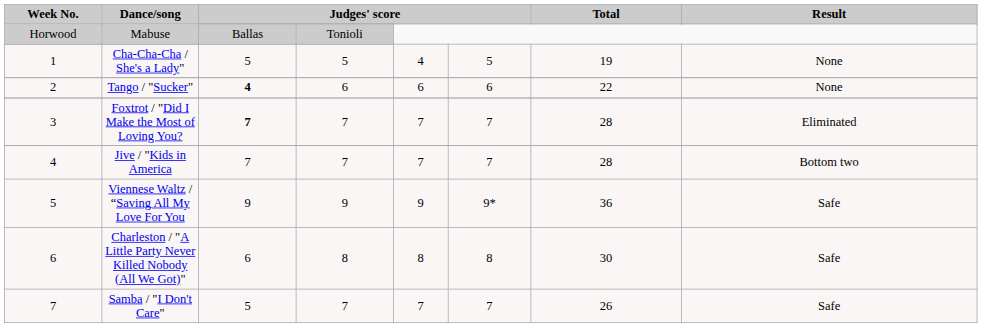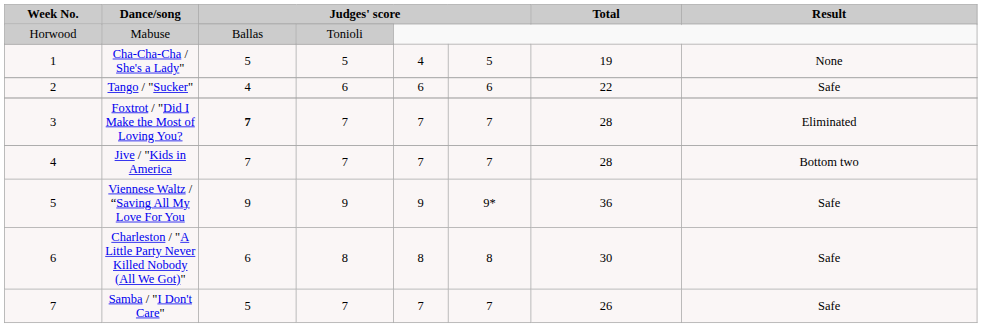 <table | class="wikitable collapsible collapsed">
 <tr>
 <td rowspan="2" bgcolor="CCCCCC" align="Center"><strong>Week No.</strong></td>
 <td rowspan="2" bgcolor="CCCCCC" align="Center"><strong>Dance/song</strong></td>
 <td colspan="4" bgcolor="CCCCCC" align="Center"><strong>Judges' score</strong></td>
 <td rowspan="2" bgcolor="CCCCCC" align="Center"><strong>Total</strong></td>
 <td rowspan="2" bgcolor="CCCCCC" align="Center"><strong>Result</strong></td>
 </tr>
 <tr>
 </tr>
 <tr>
 <td bgcolor="CCCCCC" width="10%" align="center">Horwood</td>
 <td bgcolor="CCCCCC" width="10%" align="center">Mabuse</td>
 <td bgcolor="CCCCCC" width="10%" align="center">Ballas</td>
 <td bgcolor="CCCCCC" width="10%" align="center">Tonioli</td>
 </tr>
 <tr>
 </tr>
 <tr>
 <td align="center" bgcolor="FAF6F6">1</td>
 <td align="center" bgcolor="FAF6F6"><a href='#'>Cha-Cha-Cha</a> / <a href='#'>She's a Lady</a>"</td>
 <td align="center" bgcolor="FAF6F6">5</td>
 <td align="center" bgcolor="FAF6F6">5</td>
 <td align="center" bgcolor="FAF6F6">4</td>
 <td align="center" bgcolor="FAF6F6">5</td>
 <td align="center" bgcolor="FAF6F6">19</td>
 <td align="center" bgcolor="FAF6F6">None</td>
 </tr>
 <tr>
 </tr>
 <tr>
 <td align="center" bgcolor="FAF6F6">2</td>
 <td align="center" bgcolor="FAF6F6"><a href='#'>Tango</a> / "<a href='#'>Sucker</a>"</td>
-<td align="center" bgcolor="FAF6F6"><strong>4</strong></td>
+<td align="center" bgcolor="FAF6F6">4</td>
 <td align="center" bgcolor="FAF6F6">6</td>
 <td align="center" bgcolor="FAF6F6">6</td>
 <td align="center" bgcolor="FAF6F6">6</td>
 <td align="center" bgcolor="FAF6F6">22</td>
-<td align="center" bgcolor="FAF6F6">None</td>
+<td align="center" bgcolor="FAF6F6">Safe</td>
 </tr>
 <tr>
 </tr>
 <tr>
 <td align="center" bgcolor="FAF6F6">3</td>
 <td align="center" bgcolor="FAF6F6"><a href='#'>Foxtrot</a> / "<a href='#'>Did I Make the Most of Loving You?</a></td>
 <td align="center" bgcolor="FAF6F6"><strong>7</strong></td>
 <td align="center" bgcolor="FAF6F6">7</td>
 <td align="center" bgcolor="FAF6F6">7</td>
 <td align="center" bgcolor="FAF6F6">7</td>
 <td align="center" bgcolor="FAF6F6">28</td>
 <td align="center" bgcolor="FAF6F6">Eliminated</td>
 </tr>
 <tr>
 </tr>
 <tr>
 <td align="center" bgcolor="FAF6F6">4</td>
 <td align="center" bgcolor="FAF6F6"><a href='#'>Jive</a> / "<a href='#'>Kids in America</a></td>
 <td align="center" bgcolor="FAF6F6">7</td>
 <td align="center" bgcolor="FAF6F6">7</td>
 <td align="center" bgcolor="FAF6F6">7</td>
 <td align="center" bgcolor="FAF6F6">7</td>
 <td align="center" bgcolor="FAF6F6">28</td>
 <td align="center" bgcolor="FAF6F6">Bottom two</td>
 </tr>
 <tr>
 <td align="center" bgcolor="FAF6F6">5</td>
 <td align="center" bgcolor="FAF6F6"><a href='#'>Viennese Waltz</a> / “<a href='#'>Saving All My Love For You</a></td>
 <td align="center" bgcolor="FAF6F6">9</td>
 <td align="center" bgcolor="FAF6F6">9</td>
 <td align="center" bgcolor="FAF6F6">9</td>
 <td align="center" bgcolor="FAF6F6">9*</td>
 <td align="center" bgcolor="FAF6F6">36</td>
 <td align="center" bgcolor="FAF6F6">Safe</td>
 </tr>
 <tr>
 <td align="center" bgcolor="FAF6F6">6</td>
 <td align="center" bgcolor="FAF6F6"><a href='#'>Charleston</a> / "<a href='#'>A Little Party Never Killed Nobody (All We Got)</a>"</td>
 <td align="center" bgcolor="FAF6F6">6</td>
 <td align="center" bgcolor="FAF6F6">8</td>
 <td align="center" bgcolor="FAF6F6">8</td>
 <td align="center" bgcolor="FAF6F6">8</td>
 <td align="center" bgcolor="FAF6F6">30</td>
 <td align="center" bgcolor="FAF6F6">Safe</td>
 </tr>
 <tr>
 <td align="center" bgcolor="FAF6F6">7</td>
 <td align="center" bgcolor="FAF6F6"><a href='#'>Samba</a> / "<a href='#'>I Don't Care</a>"</td>
 <td align="center" bgcolor="FAF6F6">5</td>
 <td align="center" bgcolor="FAF6F6">7</td>
 <td align="center" bgcolor="FAF6F6">7</td>
 <td align="center" bgcolor="FAF6F6">7</td>
 <td align="center" bgcolor="FAF6F6">26</td>
 <td align="center" bgcolor="FAF6F6">Safe</td>
 </tr>
 </table>
